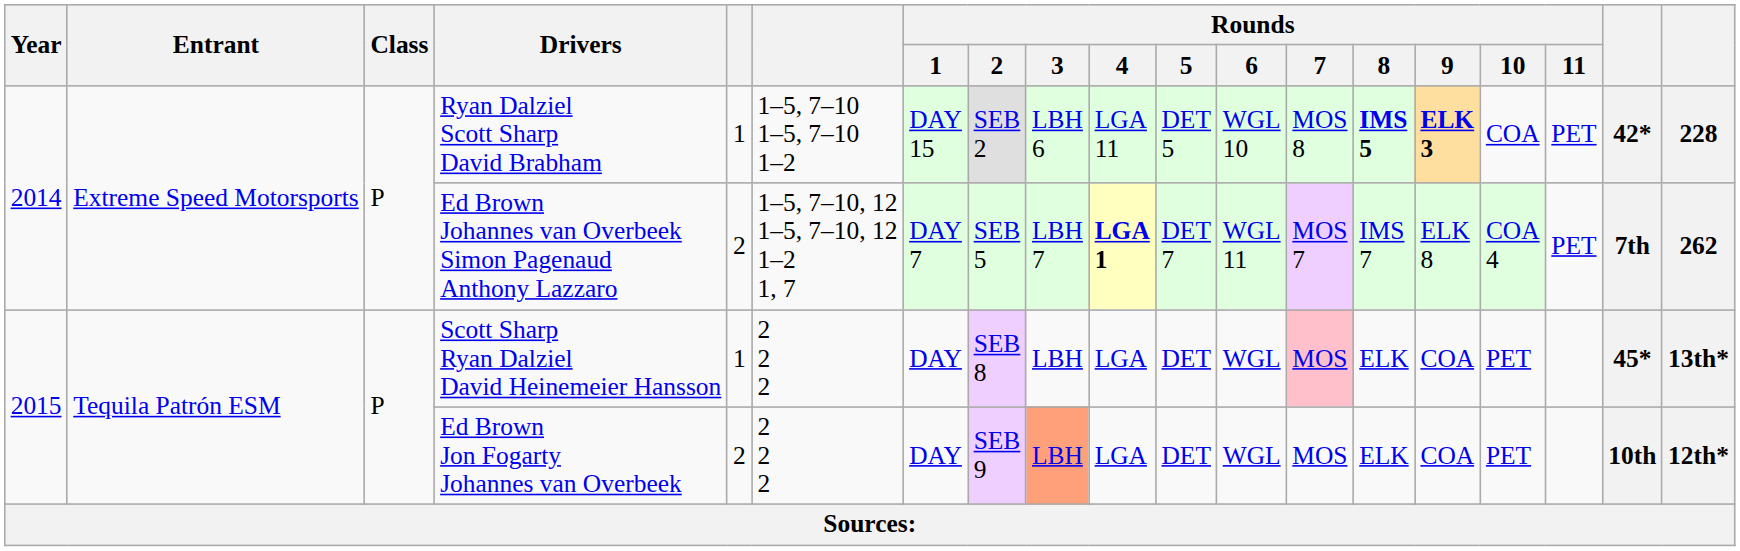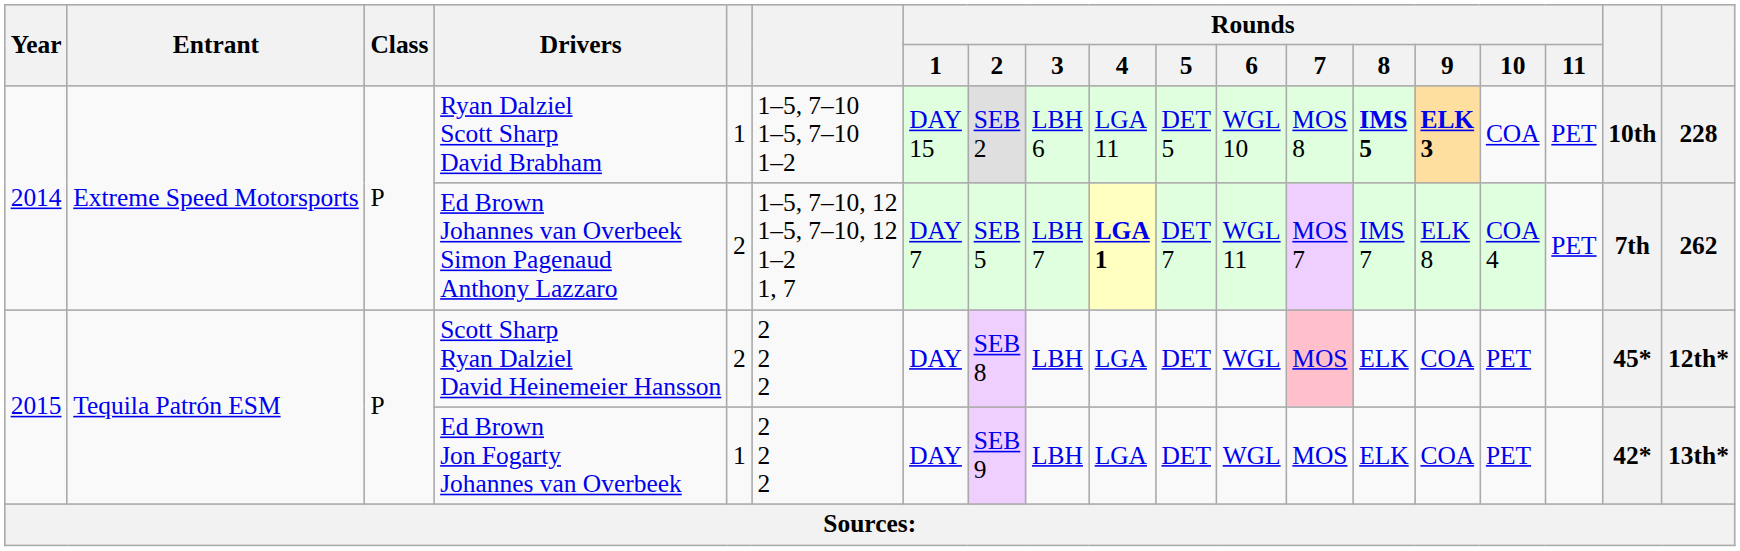 <table class="wikitable">
 <tr>
 <th rowspan="2">Year</th>
 <th rowspan="2">Entrant</th>
 <th rowspan="2">Class</th>
 <th rowspan="2">Drivers</th>
 <th rowspan="2"></th>
 <th rowspan="2"></th>
 <th colspan="11">Rounds</th>
 <th rowspan="2"></th>
 <th rowspan="2"></th>
 </tr>
 <tr>
 <th>1</th>
 <th>2</th>
 <th>3</th>
 <th>4</th>
 <th>5</th>
 <th>6</th>
 <th>7</th>
 <th>8</th>
 <th>9</th>
 <th>10</th>
 <th>11</th>
 </tr>
 <tr>
 <td rowspan="2"><a href='#'>2014</a></td>
 <td rowspan="2"> <a href='#'>Extreme Speed Motorsports</a></td>
 <td rowspan="2">P</td>
 <td> <a href='#'>Ryan Dalziel</a><br> <a href='#'>Scott Sharp</a><br> <a href='#'>David Brabham</a></td>
 <td>1</td>
 <td>1–5, 7–10<br>1–5, 7–10<br>1–2</td>
 <td style="background:#DFFFDF;"><a href='#'>DAY</a><br>15</td>
 <td style="background:#DFDFDF;”"><a href='#'>SEB</a><br>2</td>
 <td style="background:#DFFFDF;"><a href='#'>LBH</a><br>6</td>
 <td style="background:#DFFFDF;"><a href='#'>LGA</a><br>11</td>
 <td style="background:#DFFFDF;"><a href='#'>DET</a><br>5</td>
 <td style="background:#DFFFDF;"><a href='#'>WGL</a><br>10</td>
 <td style="background:#DFFFDF;"><a href='#'>MOS</a><br>8</td>
 <td style="background:#DFFFDF;"><strong><a href='#'>IMS</a><br>5</strong></td>
 <td style="background:#FFDF9F;”"><strong><a href='#'>ELK</a><br>3</strong></td>
 <td><a href='#'>COA</a><br></td>
 <td><a href='#'>PET</a><br></td>
-<th>42*</th>
+<th>10th</th>
 <th>228</th>
 </tr>
 <tr>
 <td> <a href='#'>Ed Brown</a><br> <a href='#'>Johannes van Overbeek</a><br> <a href='#'>Simon Pagenaud</a><br> <a href='#'>Anthony Lazzaro</a></td>
 <td>2</td>
 <td>1–5, 7–10, 12<br>1–5, 7–10, 12<br>1–2<br>1, 7</td>
 <td style="background:#DFFFDF;"><a href='#'>DAY</a><br>7</td>
 <td style="background:#DFFFDF;"><a href='#'>SEB</a><br>5</td>
 <td style="background:#DFFFDF;"><a href='#'>LBH</a><br>7</td>
 <td style="background:#FFFFBF;”"><strong><a href='#'>LGA</a><br>1</strong></td>
 <td style="background:#DFFFDF;"><a href='#'>DET</a><br>7</td>
 <td style="background:#DFFFDF;"><a href='#'>WGL</a><br>11</td>
 <td style="background:#EFCFFF;"><a href='#'>MOS</a><br>7</td>
 <td style="background:#DFFFDF;"><a href='#'>IMS</a><br>7</td>
 <td style="background:#DFFFDF;"><a href='#'>ELK</a><br>8</td>
 <td style="background:#DFFFDF;"><a href='#'>COA</a><br>4</td>
 <td><a href='#'>PET</a><br></td>
 <th>7th</th>
 <th>262</th>
 </tr>
 <tr>
 <td rowspan="2"><a href='#'>2015</a></td>
 <td rowspan="2"> <a href='#'>Tequila Patrón ESM</a></td>
 <td rowspan="2">P</td>
 <td> <a href='#'>Scott Sharp</a><br> <a href='#'>Ryan Dalziel</a><br> <a href='#'>David Heinemeier Hansson</a></td>
-<td>1</td>
+<td>2</td>
 <td>2<br>2<br>2</td>
 <td><a href='#'>DAY</a><br></td>
 <td style="background:#EFCFFF;"><a href='#'>SEB</a><br>8</td>
 <td><a href='#'>LBH</a><br></td>
 <td><a href='#'>LGA</a><br></td>
 <td><a href='#'>DET</a><br></td>
 <td><a href='#'>WGL</a><br></td>
 <td style="background: pink;"><a href='#'>MOS</a><br></td>
 <td><a href='#'>ELK</a><br></td>
 <td><a href='#'>COA</a><br></td>
 <td><a href='#'>PET</a><br></td>
 <td></td>
 <th>45*</th>
-<th>13th*</th>
+<th>12th*</th>
 </tr>
 <tr>
 <td> <a href='#'>Ed Brown</a><br> <a href='#'>Jon Fogarty</a><br> <a href='#'>Johannes van Overbeek</a></td>
-<td>2</td>
+<td>1</td>
 <td>2<br>2<br>2</td>
 <td><a href='#'>DAY</a><br></td>
 <td style="background:#EFCFFF;"><a href='#'>SEB</a><br>9</td>
-<td style="background: lightsalmon;"><a href='#'>LBH</a><br></td>
+<td><a href='#'>LBH</a><br></td>
 <td><a href='#'>LGA</a><br></td>
 <td><a href='#'>DET</a><br></td>
 <td><a href='#'>WGL</a><br></td>
 <td><a href='#'>MOS</a><br></td>
 <td><a href='#'>ELK</a><br></td>
 <td><a href='#'>COA</a><br></td>
 <td><a href='#'>PET</a><br></td>
 <td></td>
-<th>10th</th>
-<th>12th*</th>
+<th>42*</th>
+<th>13th*</th>
 </tr>
 <tr>
 <th colspan="19">Sources:</th>
 </tr>
 </table>
